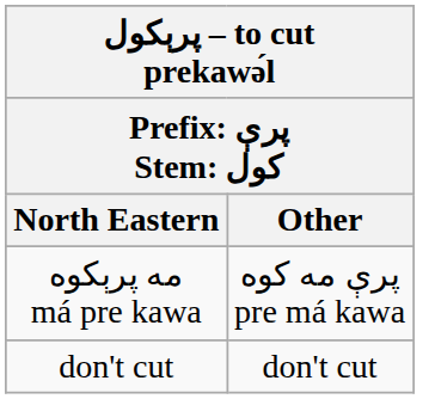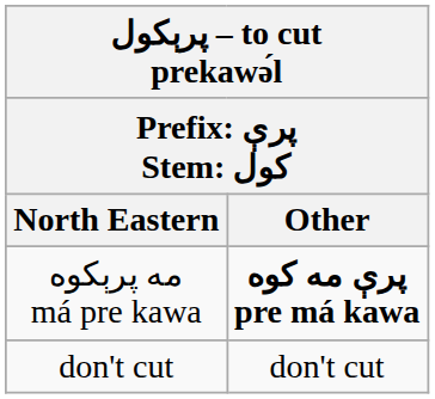 <table class="wikitable" style="text-align: center">
 <tr>
 <th colspan="2">پرېکول – to cut<br>prekawә́l</th>
 </tr>
 <tr>
 <th colspan="2">Prefix: پرې<br>Stem: کول</th>
 </tr>
 <tr>
 <th>North Eastern</th>
 <th>Other</th>
 </tr>
 <tr>
 <td>مه پرېکوه<br>má pre kawa</td>
-<td>پرې مه کوه<br>pre má kawa</td>
+<td><strong>پرې مه کوه<br>pre má kawa</strong></td>
 </tr>
 <tr>
 <td>don't cut</td>
 <td>don't cut</td>
 </tr>
 </table>
